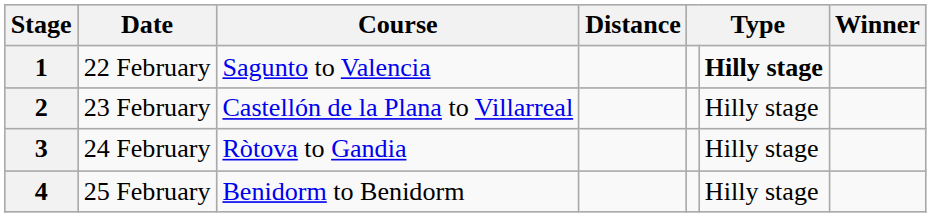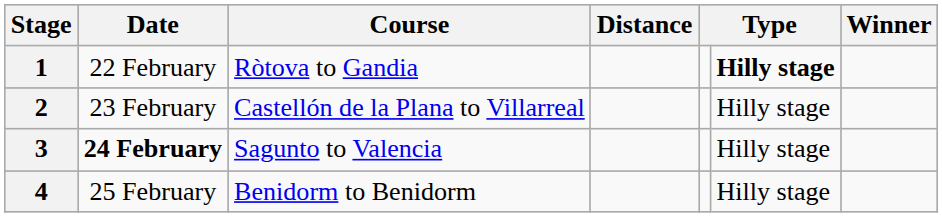 <table class=wikitable>
 <tr>
 <th>Stage</th>
 <th>Date</th>
 <th>Course</th>
 <th>Distance</th>
 <th colspan=2>Type</th>
 <th>Winner</th>
 </tr>
 <tr>
 <th align=center>1</th>
 <td align=center>22 February</td>
-<td><a href='#'>Sagunto</a> to <a href='#'>Valencia</a></td>
+<td><a href='#'>Ròtova</a> to <a href='#'>Gandia</a></td>
 <td align=center></td>
 <td></td>
 <td><strong>Hilly stage</strong></td>
 <td></td>
 </tr>
 <tr>
 <th align=center>2</th>
 <td align=center>23 February</td>
 <td><a href='#'>Castellón de la Plana</a> to <a href='#'>Villarreal</a></td>
 <td align=center></td>
 <td></td>
 <td>Hilly stage</td>
 <td></td>
 </tr>
 <tr>
 <th align=center>3</th>
-<td align=center>24 February</td>
-<td><a href='#'>Ròtova</a> to <a href='#'>Gandia</a></td>
+<td align=center><strong>24 February</strong></td>
+<td><a href='#'>Sagunto</a> to <a href='#'>Valencia</a></td>
 <td align=center></td>
 <td></td>
 <td>Hilly stage</td>
 <td></td>
 </tr>
 <tr>
 <th align=center>4</th>
 <td align=center>25 February</td>
 <td><a href='#'>Benidorm</a> to Benidorm</td>
 <td align=center></td>
 <td></td>
 <td>Hilly stage</td>
 <td></td>
 </tr>
 </table>
